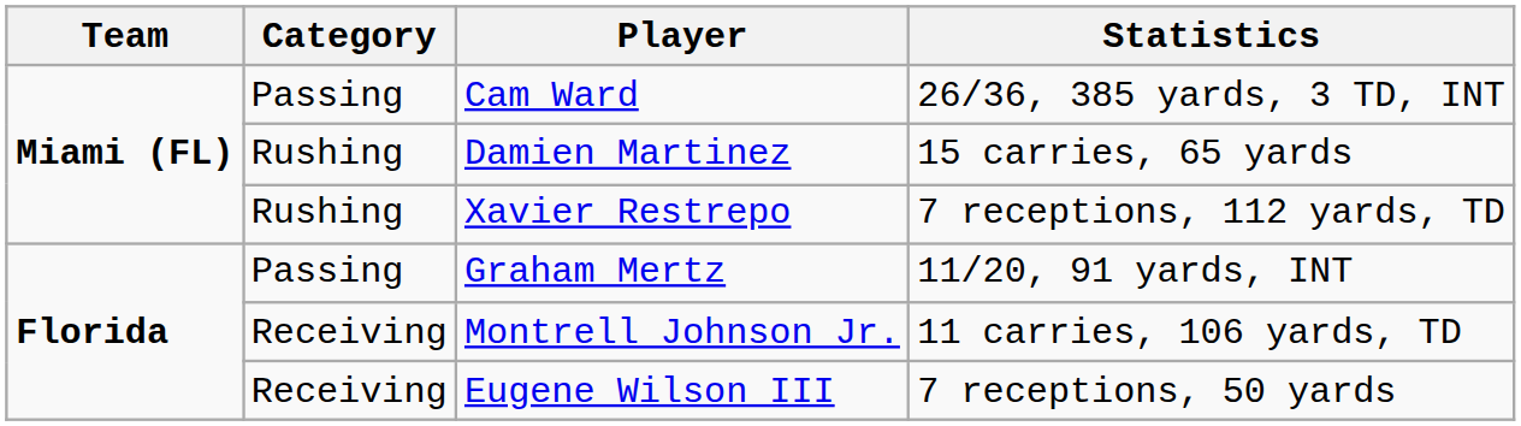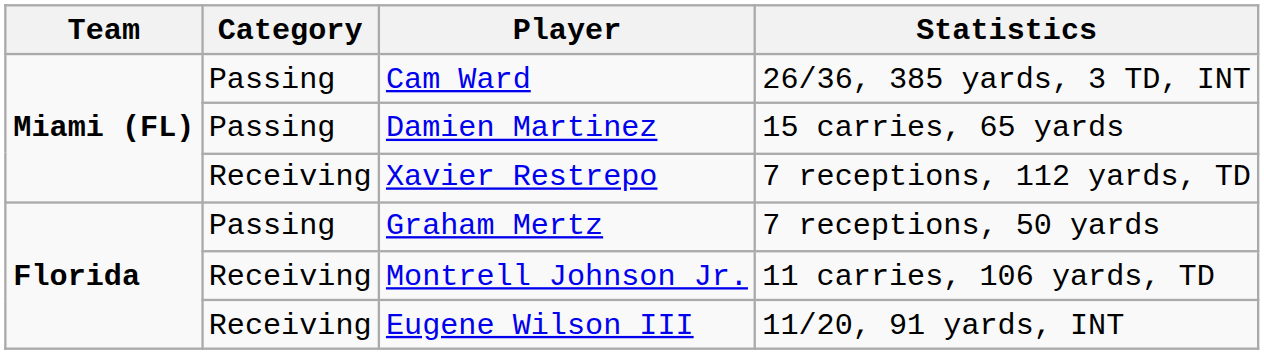 <table class="wikitable" style="float: right;">
 <tr>
 <th>Team</th>
 <th>Category</th>
 <th>Player</th>
 <th>Statistics</th>
 </tr>
 <tr>
 <td rowspan=3><strong>Miami (FL)</strong></td>
 <td>Passing</td>
 <td><a href='#'>Cam Ward</a></td>
 <td>26/36, 385 yards, 3 TD, INT</td>
 </tr>
 <tr>
-<td>Rushing</td>
+<td>Passing</td>
 <td><a href='#'>Damien Martinez</a></td>
 <td>15 carries, 65 yards</td>
 </tr>
 <tr>
-<td>Rushing</td>
+<td>Receiving</td>
 <td><a href='#'>Xavier Restrepo</a></td>
 <td>7 receptions, 112 yards, TD</td>
 </tr>
 <tr>
 <td rowspan=3><strong>Florida</strong></td>
 <td>Passing</td>
 <td><a href='#'>Graham Mertz</a></td>
-<td>11/20, 91 yards, INT</td>
+<td>7 receptions, 50 yards</td>
 </tr>
 <tr>
 <td>Receiving</td>
 <td><a href='#'>Montrell Johnson Jr.</a></td>
 <td>11 carries, 106 yards, TD</td>
 </tr>
 <tr>
 <td>Receiving</td>
 <td><a href='#'>Eugene Wilson III</a></td>
-<td>7 receptions, 50 yards</td>
+<td>11/20, 91 yards, INT</td>
 </tr>
 </table>
